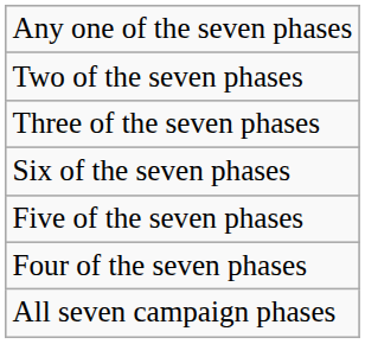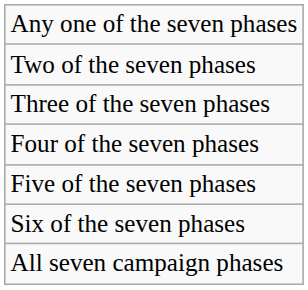 <table class="wikitable">
 <tr>
 <td> Any one of the seven phases</td>
 </tr>
 <tr>
 <td> Two of the seven phases</td>
 </tr>
 <tr>
 <td> Three of the seven phases</td>
 </tr>
 <tr>
-<td> Six of the seven phases</td>
+<td> Four of the seven phases</td>
 </tr>
 <tr>
 <td> Five of the seven phases</td>
 </tr>
 <tr>
-<td> Four of the seven phases</td>
+<td> Six of the seven phases</td>
 </tr>
 <tr>
 <td> All seven campaign phases</td>
 </tr>
 </table>
